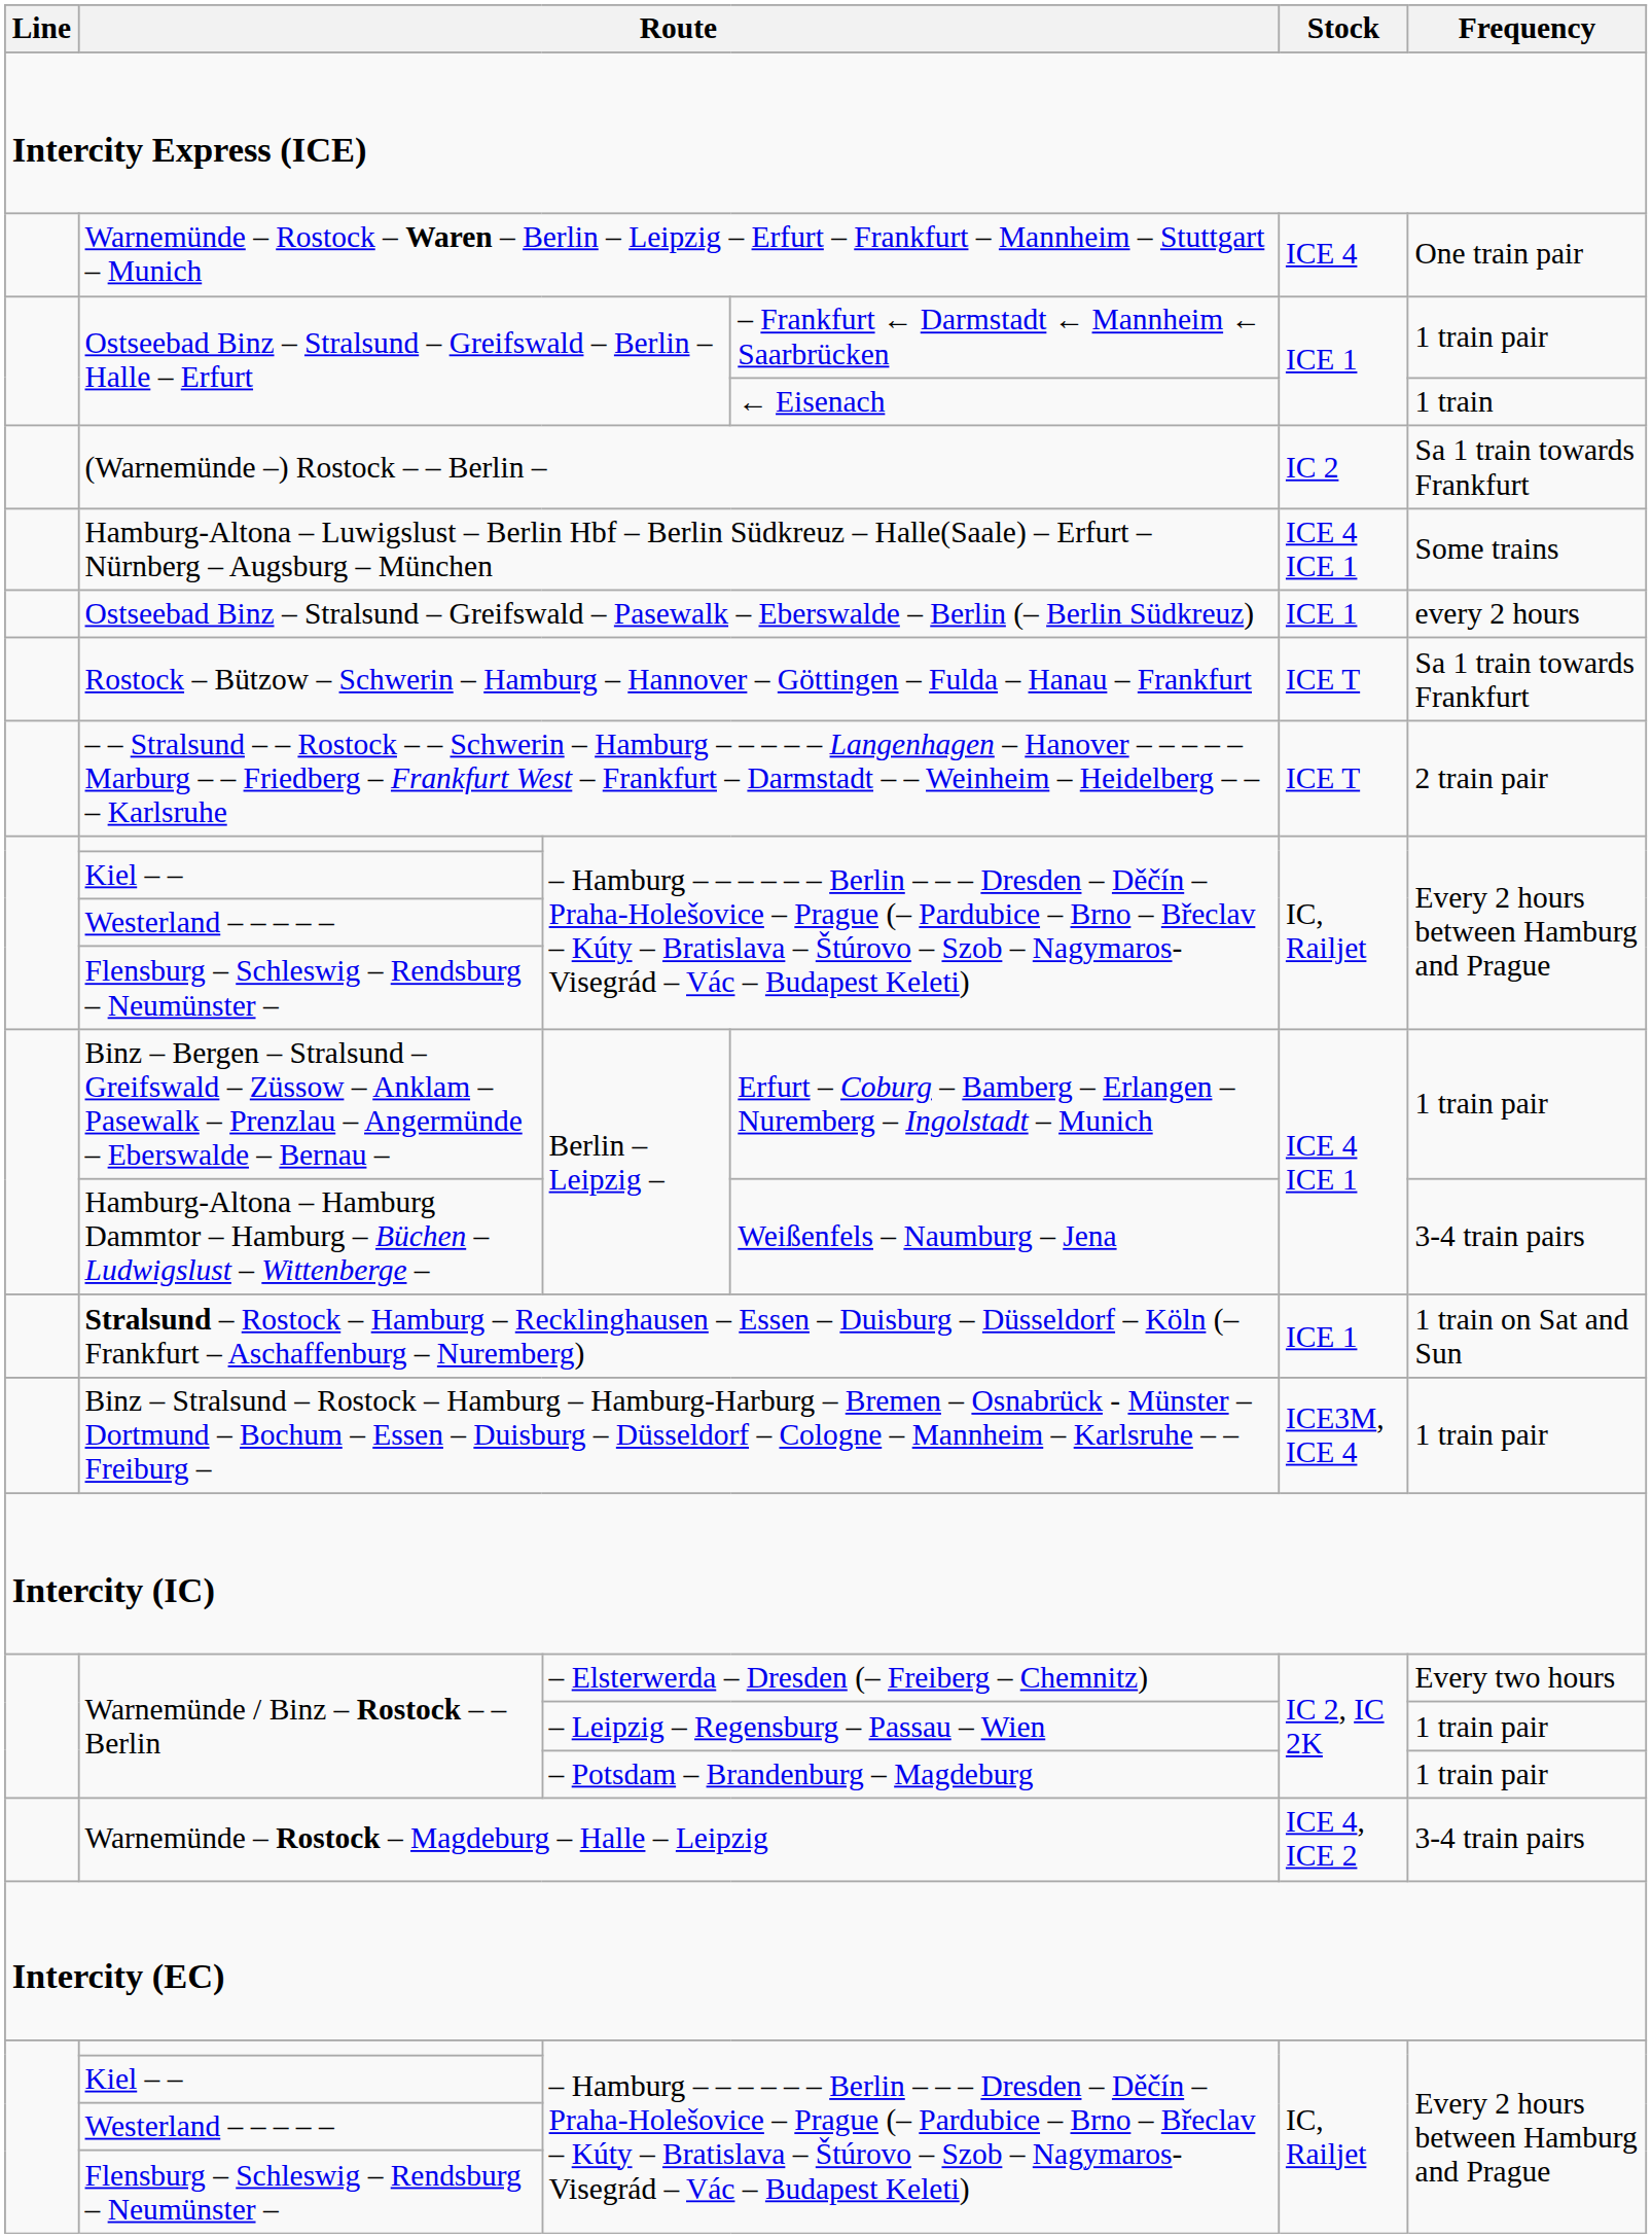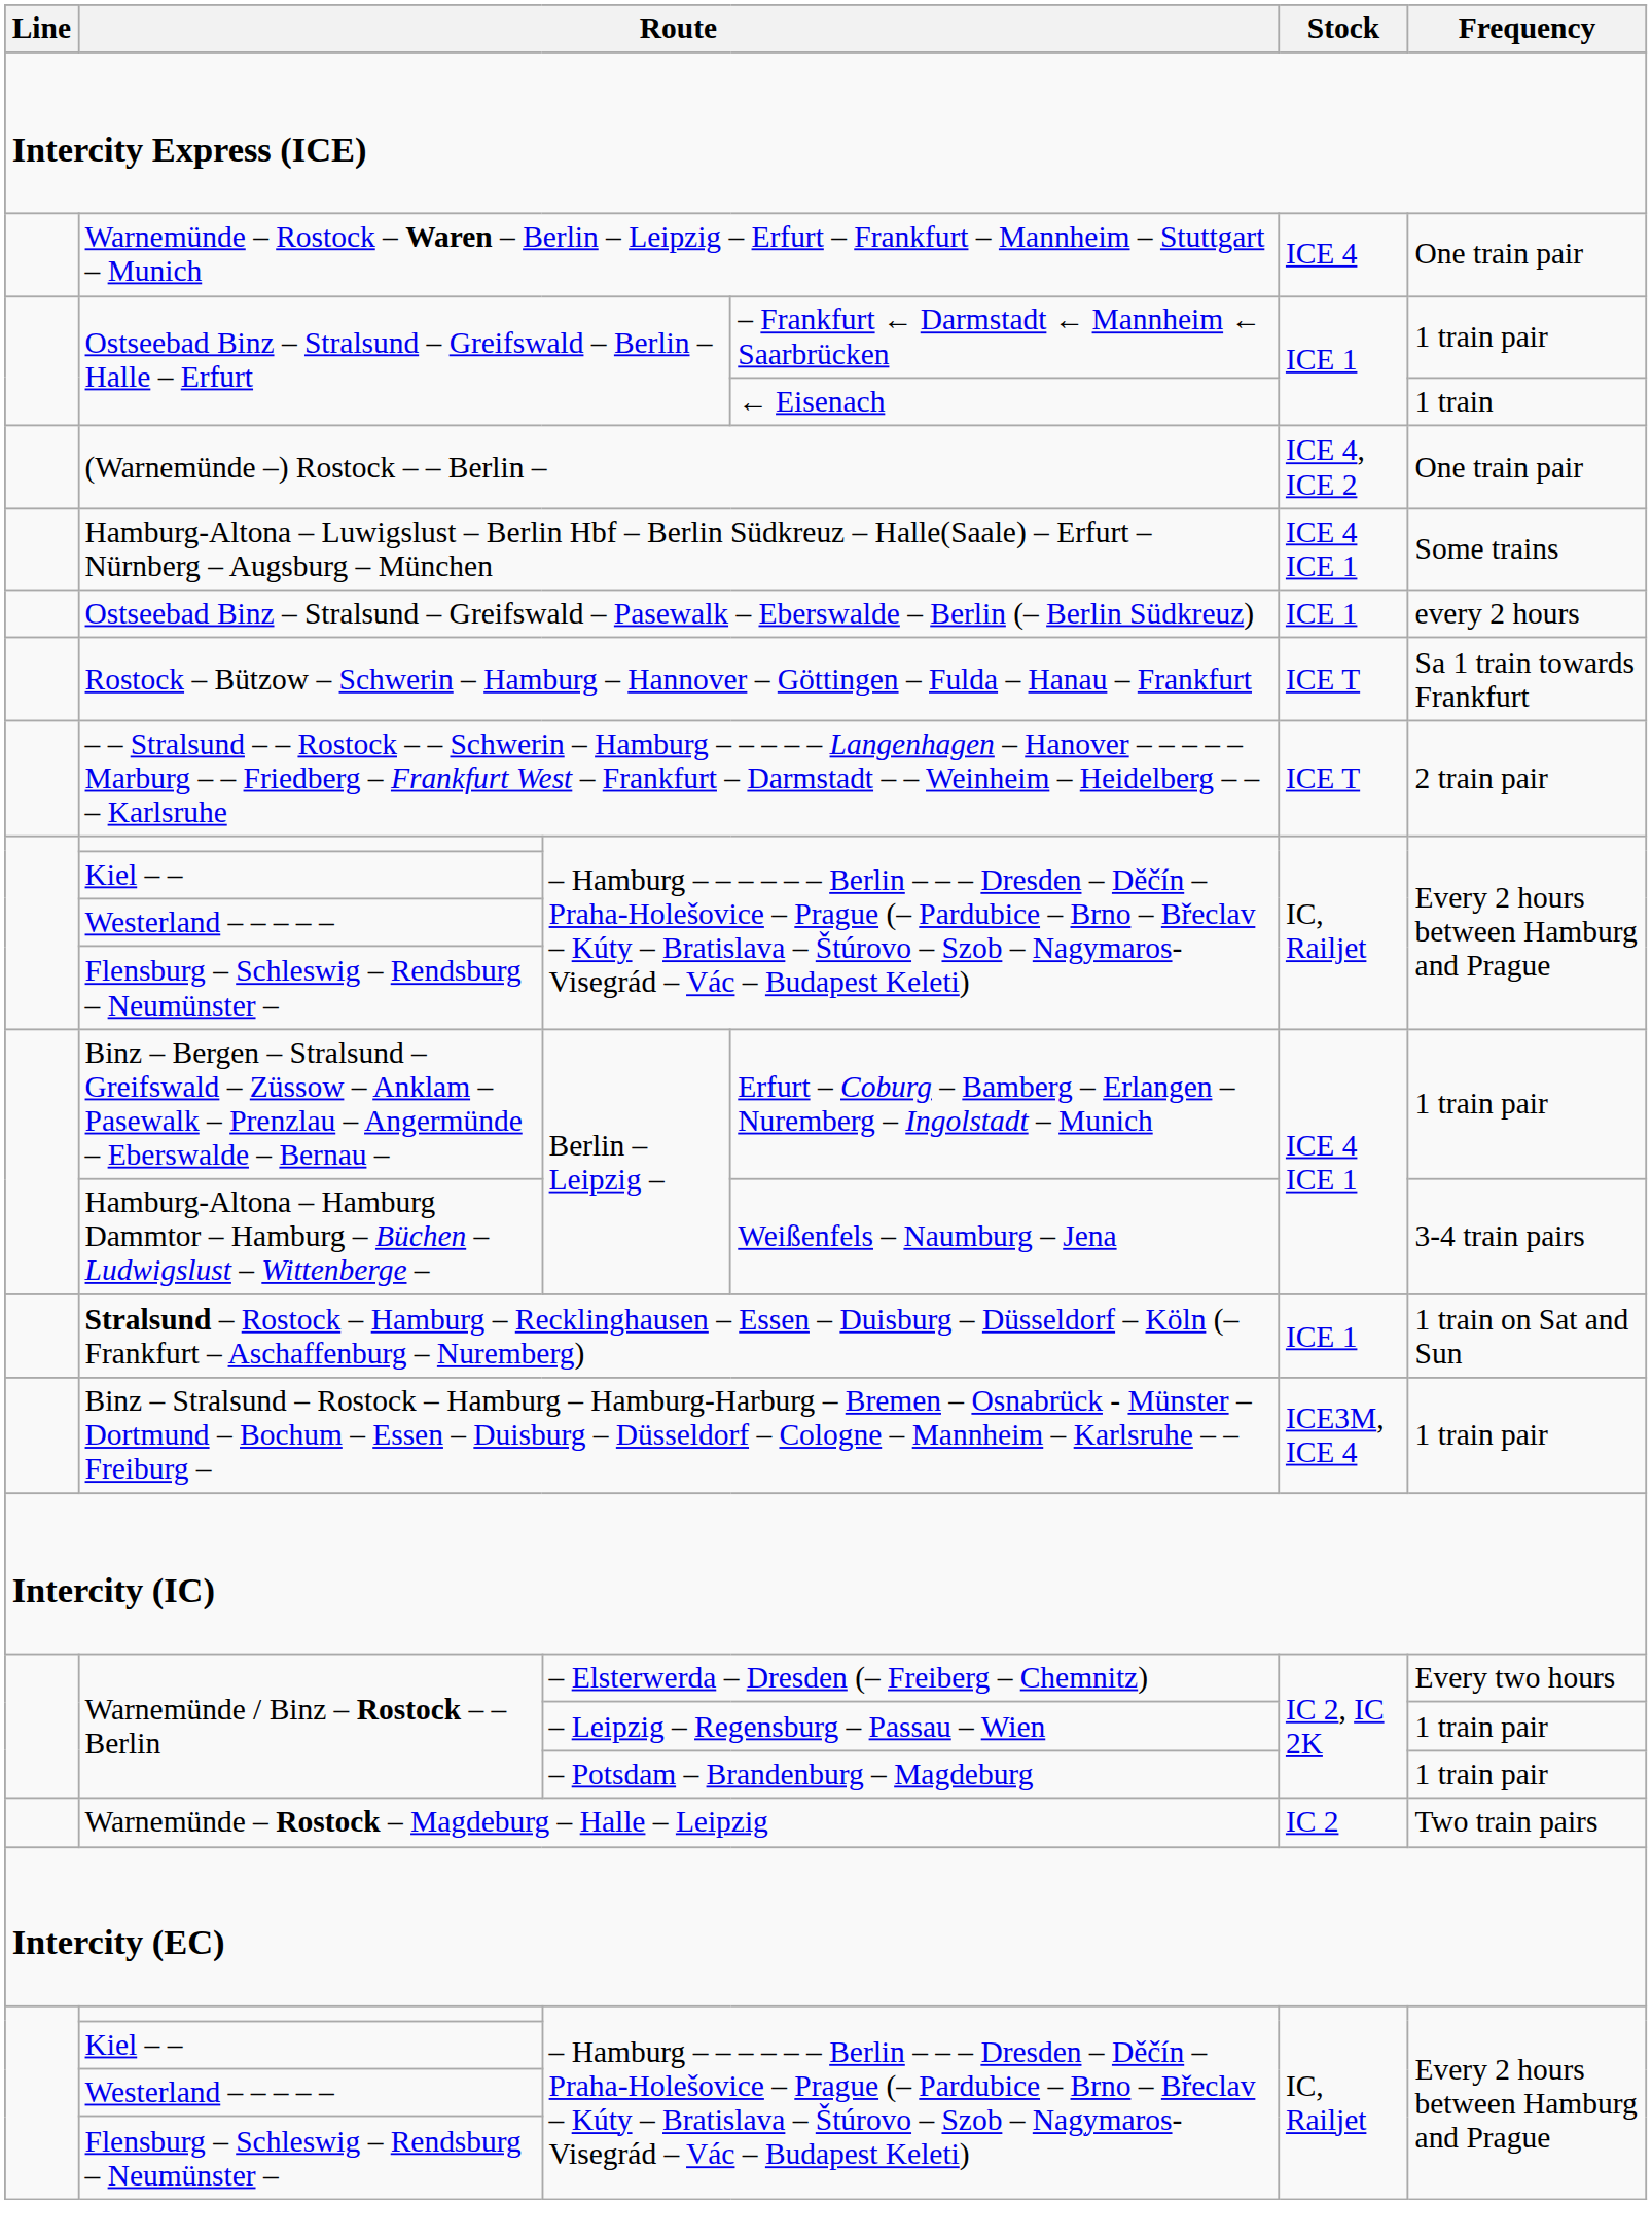 <table class="wikitable">
 <tr>
 <th>Line</th>
 <th colspan="3">Route</th>
 <th>Stock</th>
 <th>Frequency</th>
 </tr>
 <tr>
 <td colspan="6"><br><h3>Intercity Express (ICE)</h3></td>
 </tr>
 <tr>
 <td></td>
 <td colspan="3"><a href='#'>Warnemünde</a> – <a href='#'>Rostock</a> – <strong>Waren</strong> – <a href='#'>Berlin</a> – <a href='#'>Leipzig</a> – <a href='#'>Erfurt</a> – <a href='#'>Frankfurt</a> – <a href='#'>Mannheim</a> – <a href='#'>Stuttgart</a> – <a href='#'>Munich</a></td>
 <td><a href='#'>ICE 4</a></td>
 <td>One train pair</td>
 </tr>
 <tr>
 <td rowspan="2"></td>
 <td colspan="2" rowspan="2"><a href='#'>Ostseebad Binz</a> – <a href='#'>Stralsund</a> – <a href='#'>Greifswald</a> – <a href='#'>Berlin</a> – <a href='#'>Halle</a> – <a href='#'>Erfurt</a></td>
 <td>– <a href='#'>Frankfurt</a> ← <a href='#'>Darmstadt</a> ← <a href='#'>Mannheim</a> ← <a href='#'>Saarbrücken</a></td>
 <td rowspan="2"><a href='#'>ICE 1</a></td>
 <td>1 train pair</td>
 </tr>
 <tr>
 <td>← <a href='#'>Eisenach</a></td>
 <td>1 train</td>
 </tr>
 <tr>
 <td></td>
 <td colspan="3">(Warnemünde –) Rostock –  – Berlin – </td>
-<td><a href='#'>IC 2</a></td>
-<td>Sa 1 train towards Frankfurt</td>
+<td><a href='#'>ICE 4</a>,<br><a href='#'>ICE 2</a></td>
+<td>One train pair</td>
 </tr>
 <tr>
 <td></td>
 <td colspan="3">Hamburg-Altona – Luwigslust – Berlin Hbf – Berlin Südkreuz – Halle(Saale) – Erfurt – Nürnberg – Augsburg – München</td>
 <td><a href='#'>ICE 4</a><br><a href='#'>ICE 1</a></td>
 <td>Some trains</td>
 </tr>
 <tr>
 <td></td>
 <td colspan="3"><a href='#'>Ostseebad Binz</a> – Stralsund – Greifswald – <a href='#'>Pasewalk</a> – <a href='#'>Eberswalde</a> – <a href='#'>Berlin</a> (– <a href='#'>Berlin Südkreuz</a>)</td>
 <td><a href='#'>ICE 1</a></td>
 <td>every 2 hours</td>
 </tr>
 <tr>
 <td></td>
 <td colspan="3"><a href='#'>Rostock</a> – Bützow – <a href='#'>Schwerin</a> – <a href='#'>Hamburg</a> – <a href='#'>Hannover</a> – <a href='#'>Göttingen</a> – <a href='#'>Fulda</a> – <a href='#'>Hanau</a> – <a href='#'>Frankfurt</a></td>
 <td><a href='#'>ICE T</a></td>
 <td>Sa 1 train towards Frankfurt</td>
 </tr>
 <tr>
 <td></td>
 <td colspan="3"> –  – <a href='#'>Stralsund</a> –  –  <a href='#'>Rostock</a> –  –  <a href='#'>Schwerin</a> – <a href='#'>Hamburg</a> –  –  –   –  – <em><a href='#'>Langenhagen</a></em> – <a href='#'>Hanover</a> –  –  – <em></em> –  –  <a href='#'>Marburg</a> –  – <a href='#'>Friedberg</a> – <em><a href='#'>Frankfurt West</a></em> – <a href='#'>Frankfurt</a> – <a href='#'>Darmstadt</a> –  – <a href='#'>Weinheim</a> – <a href='#'>Heidelberg</a> –  –  – <a href='#'>Karlsruhe</a></td>
 <td><a href='#'>ICE T</a></td>
 <td>2 train pair</td>
 </tr>
 <tr>
 <td rowspan="4"></td>
 <td></td>
 <td rowspan=4 colspan=2> – Hamburg – <em></em> –  –  –  –  – <a href='#'>Berlin</a> –  <em></em> –  – <a href='#'>Dresden</a> –  <a href='#'>Děčín</a> –  <a href='#'>Praha-Holešovice</a> – <a href='#'>Prague</a> (– <a href='#'>Pardubice</a> –  <a href='#'>Brno</a> – <a href='#'>Břeclav</a> – <a href='#'>Kúty</a> – <a href='#'>Bratislava</a> –  <a href='#'>Štúrovo</a> – <a href='#'>Szob</a> – <a href='#'>Nagymaros</a>-Visegrád – <a href='#'>Vác</a> – <a href='#'>Budapest Keleti</a>)</td>
 <td rowspan="4">IC, <a href='#'>Railjet</a></td>
 <td rowspan="4">Every 2 hours between Hamburg and Prague</td>
 </tr>
 <tr>
 <td rowspan="1"><a href='#'>Kiel</a> –  –</td>
 </tr>
 <tr>
 <td rowspan="1"><a href='#'>Westerland</a> –  –  –  –  –</td>
 </tr>
 <tr>
 <td><a href='#'>Flensburg</a> – <a href='#'>Schleswig</a> – <a href='#'>Rendsburg</a> – <a href='#'>Neumünster</a> –</td>
 </tr>
 <tr>
 <td rowspan="2"></td>
 <td>Binz – Bergen – Stralsund – <a href='#'>Greifswald</a> – <a href='#'>Züssow</a> – <a href='#'>Anklam</a> – <a href='#'>Pasewalk</a> – <a href='#'>Prenzlau</a> – <a href='#'>Angermünde</a> – <a href='#'>Eberswalde</a> – <a href='#'>Bernau</a> – </td>
 <td rowspan="2">Berlin –   <a href='#'>Leipzig</a> –</td>
 <td><a href='#'>Erfurt</a> – <em><a href='#'>Coburg</a></em> – <a href='#'>Bamberg</a> – <a href='#'>Erlangen</a> – <a href='#'>Nuremberg</a> – <a href='#'><em>Ingolstadt</em></a> – <a href='#'>Munich</a></td>
 <td rowspan="2"><a href='#'>ICE 4</a><br><a href='#'>ICE 1</a></td>
 <td>1 train pair</td>
 </tr>
 <tr>
 <td>Hamburg-Altona – Hamburg Dammtor – Hamburg – <em><a href='#'>Büchen</a></em> – <em><a href='#'>Ludwigslust</a> – <a href='#'>Wittenberge</a></em> – </td>
 <td><a href='#'>Weißenfels</a> – <a href='#'>Naumburg</a> – <a href='#'>Jena</a></td>
 <td>3-4 train pairs</td>
 </tr>
 <tr>
 <td></td>
 <td colspan="3"><strong>Stralsund</strong> – <a href='#'>Rostock</a> – <a href='#'>Hamburg</a> – <a href='#'>Recklinghausen</a> – <a href='#'>Essen</a> – <a href='#'>Duisburg</a> – <a href='#'>Düsseldorf</a> – <a href='#'>Köln</a> (– Frankfurt – <a href='#'>Aschaffenburg</a> – <a href='#'>Nuremberg</a>)</td>
 <td><a href='#'>ICE 1</a></td>
 <td>1 train on Sat and Sun</td>
 </tr>
 <tr>
 <td></td>
 <td colspan=3>Binz – Stralsund – Rostock – Hamburg – Hamburg-Harburg – <a href='#'>Bremen</a> – <a href='#'>Osnabrück</a> - <a href='#'>Münster</a> – <a href='#'>Dortmund</a> – <a href='#'>Bochum</a> – <a href='#'>Essen</a> – <a href='#'>Duisburg</a> – <a href='#'>Düsseldorf</a> –  <a href='#'>Cologne</a> –   <a href='#'>Mannheim</a> – <a href='#'>Karlsruhe</a> –  – <a href='#'>Freiburg</a> –  </td>
 <td><a href='#'>ICE3M</a>, <a href='#'>ICE 4</a></td>
 <td>1 train pair</td>
 </tr>
 <tr>
 <td colspan="6"><br><h3>Intercity (IC)</h3></td>
 </tr>
 <tr>
 <td rowspan="3"></td>
 <td rowspan="3">Warnemünde / Binz – <strong>Rostock</strong> –  – Berlin</td>
 <td colspan="2">– <a href='#'>Elsterwerda</a>  – <a href='#'>Dresden</a> (– <a href='#'>Freiberg</a> – <a href='#'>Chemnitz</a>)</td>
 <td rowspan="3"><a href='#'>IC 2</a>, <a href='#'>IC 2K</a></td>
 <td>Every two hours</td>
 </tr>
 <tr>
 <td colspan="2">– <a href='#'>Leipzig</a> – <a href='#'>Regensburg</a> – <a href='#'>Passau</a> – <a href='#'>Wien</a></td>
 <td>1 train pair</td>
 </tr>
 <tr>
 <td colspan="2">– <a href='#'>Potsdam</a> – <a href='#'>Brandenburg</a> – <a href='#'>Magdeburg</a></td>
 <td>1 train pair</td>
 </tr>
 <tr>
 <td></td>
 <td colspan="3">Warnemünde – <strong>Rostock</strong> – <a href='#'>Magdeburg</a> – <a href='#'>Halle</a> – <a href='#'>Leipzig</a></td>
-<td><a href='#'>ICE 4</a>,<br><a href='#'>ICE 2</a></td>
-<td>3-4 train pairs</td>
+<td><a href='#'>IC 2</a></td>
+<td>Two train pairs</td>
 </tr>
 <tr>
 <td colspan="6"><br><h3>Intercity (EC)</h3></td>
 </tr>
 <tr>
 <td rowspan="4"></td>
 <td></td>
 <td colspan="2" rowspan="4"> – Hamburg – <em></em> –  –  –  –  – <a href='#'>Berlin</a> –  <em></em> –  – <a href='#'>Dresden</a> –  <a href='#'>Děčín</a> –  <a href='#'>Praha-Holešovice</a> – <a href='#'>Prague</a> (– <a href='#'>Pardubice</a> –  <a href='#'>Brno</a> – <a href='#'>Břeclav</a> – <a href='#'>Kúty</a> – <a href='#'>Bratislava</a> –  <a href='#'>Štúrovo</a> – <a href='#'>Szob</a> – <a href='#'>Nagymaros</a>-Visegrád – <a href='#'>Vác</a> – <a href='#'>Budapest Keleti</a>)</td>
 <td rowspan="4">IC, <a href='#'>Railjet</a></td>
 <td rowspan="4">Every 2 hours between Hamburg and Prague</td>
 </tr>
 <tr>
 <td rowspan="1"><a href='#'>Kiel</a> –  –</td>
 </tr>
 <tr>
 <td rowspan="1"><a href='#'>Westerland</a> –  –  –  –  –</td>
 </tr>
 <tr>
 <td><a href='#'>Flensburg</a> – <a href='#'>Schleswig</a> – <a href='#'>Rendsburg</a> – <a href='#'>Neumünster</a> –</td>
 </tr>
 </table>
